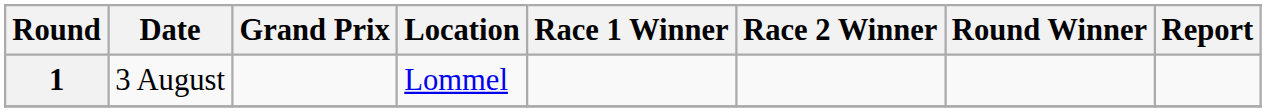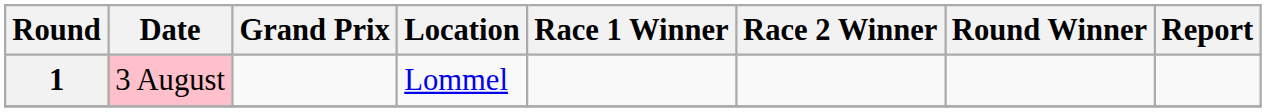 <table class="wikitable" style="font-size: 85%;">
 <tr>
 <th>Round</th>
 <th>Date</th>
 <th>Grand Prix</th>
 <th>Location</th>
 <th>Race 1 Winner</th>
 <th>Race 2 Winner</th>
 <th>Round Winner</th>
 <th>Report</th>
 </tr>
 <tr>
 <th>1</th>
-<td>3 August</td>
+<td style="background: pink;">3 August</td>
 <td></td>
 <td><a href='#'>Lommel</a></td>
 <td></td>
 <td></td>
 <td></td>
 <td></td>
 </tr>
 <tr>
 </tr>
 </table>
